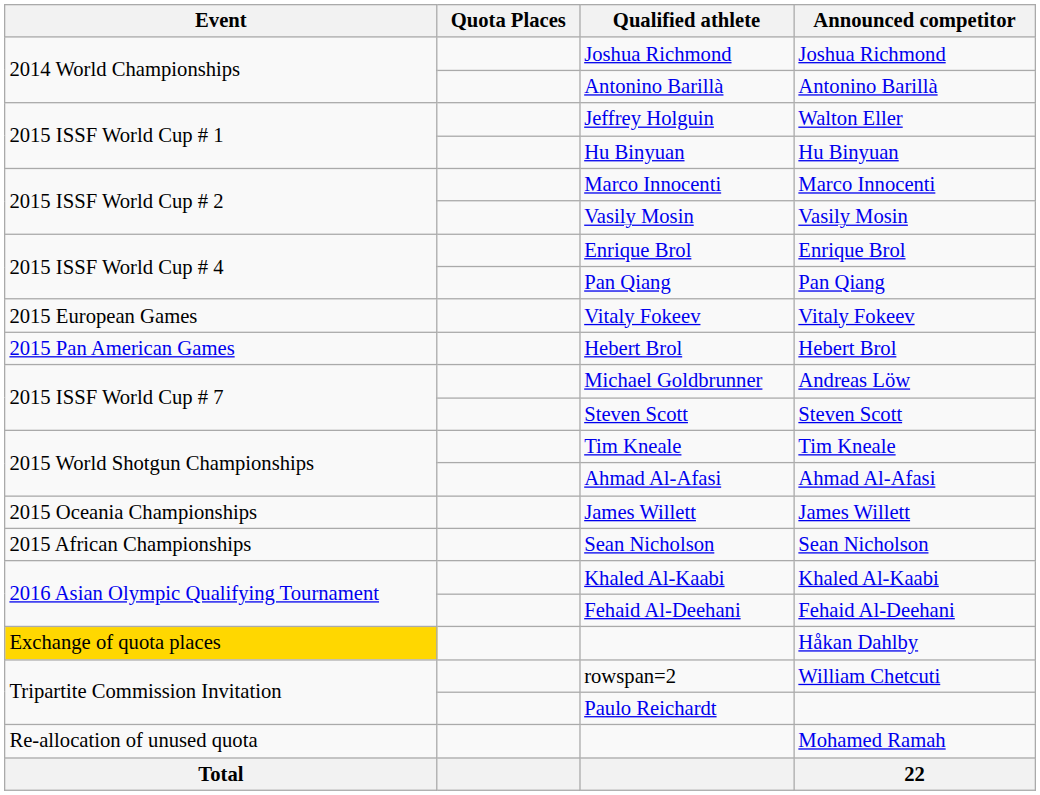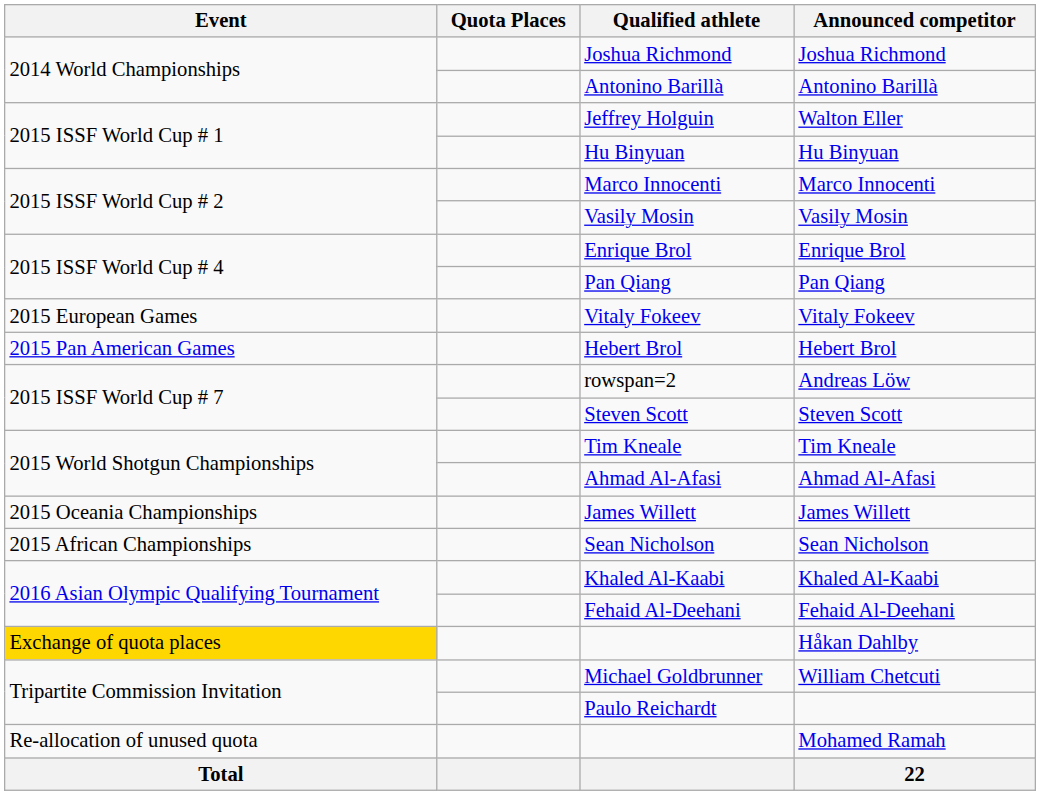 <table class=wikitable style="text-align:left" width=800>
 <tr>
 <th>Event</th>
 <th>Quota Places</th>
 <th>Qualified athlete</th>
 <th>Announced competitor</th>
 </tr>
 <tr>
 <td rowspan="2">2014 World Championships</td>
 <td></td>
 <td><a href='#'>Joshua Richmond</a></td>
 <td><a href='#'>Joshua Richmond</a></td>
 </tr>
 <tr>
 <td></td>
 <td><a href='#'>Antonino Barillà</a></td>
 <td><a href='#'>Antonino Barillà</a></td>
 </tr>
 <tr>
 <td rowspan="2">2015 ISSF World Cup # 1</td>
 <td></td>
 <td><a href='#'>Jeffrey Holguin</a></td>
 <td><a href='#'>Walton Eller</a></td>
 </tr>
 <tr>
 <td></td>
 <td><a href='#'>Hu Binyuan</a></td>
 <td><a href='#'>Hu Binyuan</a></td>
 </tr>
 <tr>
 <td rowspan="2">2015 ISSF World Cup # 2</td>
 <td></td>
 <td><a href='#'>Marco Innocenti</a></td>
 <td><a href='#'>Marco Innocenti</a></td>
 </tr>
 <tr>
 <td></td>
 <td><a href='#'>Vasily Mosin</a></td>
 <td><a href='#'>Vasily Mosin</a></td>
 </tr>
 <tr>
 <td rowspan="2">2015 ISSF World Cup # 4</td>
 <td></td>
 <td><a href='#'>Enrique Brol</a></td>
 <td><a href='#'>Enrique Brol</a></td>
 </tr>
 <tr>
 <td></td>
 <td><a href='#'>Pan Qiang</a></td>
 <td><a href='#'>Pan Qiang</a></td>
 </tr>
 <tr>
 <td>2015 European Games</td>
 <td></td>
 <td><a href='#'>Vitaly Fokeev</a></td>
 <td><a href='#'>Vitaly Fokeev</a></td>
 </tr>
 <tr>
 <td rowspan="1"><a href='#'>2015 Pan American Games</a></td>
 <td></td>
 <td><a href='#'>Hebert Brol</a></td>
 <td><a href='#'>Hebert Brol</a></td>
 </tr>
 <tr>
 <td rowspan="2">2015 ISSF World Cup # 7</td>
 <td></td>
-<td><a href='#'>Michael Goldbrunner</a></td>
+<td>rowspan=2 </td>
 <td><a href='#'>Andreas Löw</a></td>
 </tr>
 <tr>
 <td></td>
 <td><a href='#'>Steven Scott</a></td>
 <td><a href='#'>Steven Scott</a></td>
 </tr>
 <tr>
 <td rowspan="2">2015 World Shotgun Championships</td>
 <td></td>
 <td><a href='#'>Tim Kneale</a></td>
 <td><a href='#'>Tim Kneale</a></td>
 </tr>
 <tr>
 <td></td>
 <td><a href='#'>Ahmad Al-Afasi</a></td>
 <td><a href='#'>Ahmad Al-Afasi</a></td>
 </tr>
 <tr>
 <td rowspan="1">2015 Oceania Championships</td>
 <td></td>
 <td><a href='#'>James Willett</a></td>
 <td><a href='#'>James Willett</a></td>
 </tr>
 <tr>
 <td rowspan="1">2015 African Championships</td>
 <td></td>
 <td><a href='#'>Sean Nicholson</a></td>
 <td><a href='#'>Sean Nicholson</a></td>
 </tr>
 <tr>
 <td rowspan="2"><a href='#'>2016 Asian Olympic Qualifying Tournament</a></td>
 <td></td>
 <td><a href='#'>Khaled Al-Kaabi</a></td>
 <td><a href='#'>Khaled Al-Kaabi</a></td>
 </tr>
 <tr>
 <td></td>
 <td><a href='#'>Fehaid Al-Deehani</a></td>
 <td><a href='#'>Fehaid Al-Deehani</a></td>
 </tr>
 <tr>
 <td style="background: gold;">Exchange of quota places</td>
 <td></td>
 <td></td>
 <td><a href='#'>Håkan Dahlby</a></td>
 </tr>
 <tr>
 <td rowspan=2>Tripartite Commission Invitation</td>
 <td></td>
-<td>rowspan=2 </td>
+<td><a href='#'>Michael Goldbrunner</a></td>
 <td><a href='#'>William Chetcuti</a></td>
 </tr>
 <tr>
 <td></td>
 <td><a href='#'>Paulo Reichardt</a></td>
 </tr>
 <tr>
 <td>Re-allocation of unused quota</td>
 <td></td>
 <td></td>
 <td><a href='#'>Mohamed Ramah</a></td>
 </tr>
 <tr>
 <th>Total</th>
 <th></th>
 <th></th>
 <th>22</th>
 </tr>
 </table>
